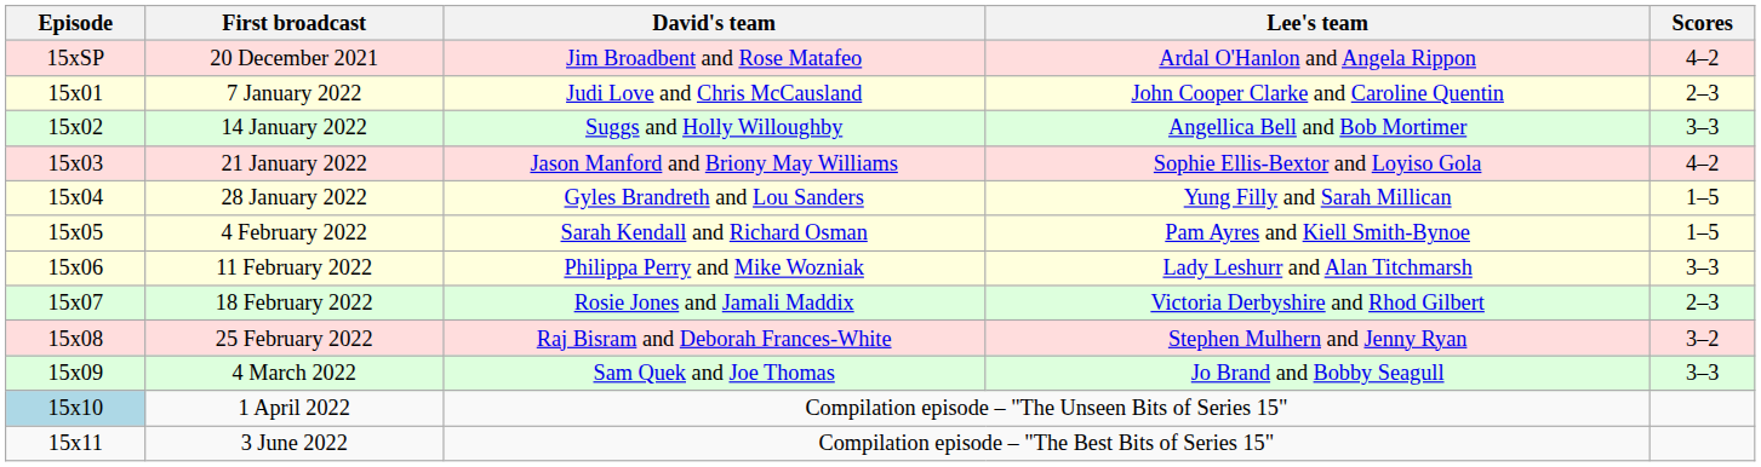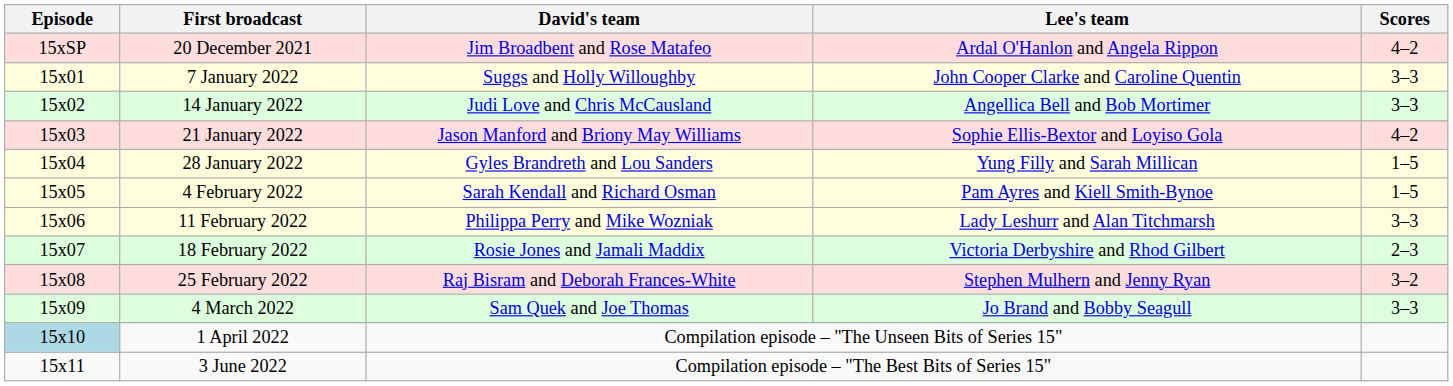 <table class="wikitable"  style="width:80%; left:0 auto; text-align:center;">
 <tr>
 <th style="width:8%;">Episode</th>
 <th style="width:17%;">First broadcast</th>
 <th style="width:31%;">David's team</th>
 <th style="width:38%;">Lee's team</th>
 <th style="width:6%;">Scores</th>
 </tr>
 <tr style="background:#fdd;">
 <td>15xSP</td>
 <td>20 December 2021</td>
 <td><a href='#'>Jim Broadbent</a> and <a href='#'>Rose Matafeo</a></td>
 <td><a href='#'>Ardal O'Hanlon</a> and <a href='#'>Angela Rippon</a></td>
 <td>4–2</td>
 </tr>
 <tr style="background:#ffd;">
 <td>15x01</td>
 <td>7 January 2022</td>
-<td><a href='#'>Judi Love</a> and <a href='#'>Chris McCausland</a></td>
+<td><a href='#'>Suggs</a> and <a href='#'>Holly Willoughby</a></td>
 <td><a href='#'>John Cooper Clarke</a> and <a href='#'>Caroline Quentin</a></td>
-<td>2–3</td>
+<td>3–3</td>
 </tr>
 <tr style="background:#dfd;">
 <td>15x02</td>
 <td>14 January 2022</td>
-<td><a href='#'>Suggs</a> and <a href='#'>Holly Willoughby</a></td>
+<td><a href='#'>Judi Love</a> and <a href='#'>Chris McCausland</a></td>
 <td><a href='#'>Angellica Bell</a> and <a href='#'>Bob Mortimer</a></td>
 <td>3–3</td>
 </tr>
 <tr style="background:#fdd;">
 <td>15x03</td>
 <td>21 January 2022</td>
 <td><a href='#'>Jason Manford</a> and <a href='#'>Briony May Williams</a></td>
 <td><a href='#'>Sophie Ellis-Bextor</a> and <a href='#'>Loyiso Gola</a></td>
 <td>4–2</td>
 </tr>
 <tr style="background:#ffd;">
 <td>15x04</td>
 <td>28 January 2022</td>
 <td><a href='#'>Gyles Brandreth</a> and <a href='#'>Lou Sanders</a></td>
 <td><a href='#'>Yung Filly</a> and <a href='#'>Sarah Millican</a></td>
 <td>1–5</td>
 </tr>
 <tr style="background:#ffd;">
 <td>15x05</td>
 <td>4 February 2022</td>
 <td><a href='#'>Sarah Kendall</a> and <a href='#'>Richard Osman</a></td>
 <td><a href='#'>Pam Ayres</a> and <a href='#'>Kiell Smith-Bynoe</a></td>
 <td>1–5</td>
 </tr>
 <tr style="background:#ffd;">
 <td>15x06</td>
 <td>11 February 2022</td>
 <td><a href='#'>Philippa Perry</a> and <a href='#'>Mike Wozniak</a></td>
 <td><a href='#'>Lady Leshurr</a> and <a href='#'>Alan Titchmarsh</a></td>
 <td>3–3</td>
 </tr>
 <tr style="background:#dfd;">
 <td>15x07</td>
 <td>18 February 2022</td>
 <td><a href='#'>Rosie Jones</a> and <a href='#'>Jamali Maddix</a></td>
 <td><a href='#'>Victoria Derbyshire</a> and <a href='#'>Rhod Gilbert</a></td>
 <td>2–3</td>
 </tr>
 <tr style="background:#fdd;">
 <td>15x08</td>
 <td>25 February 2022</td>
 <td><a href='#'>Raj Bisram</a> and <a href='#'>Deborah Frances-White</a></td>
 <td><a href='#'>Stephen Mulhern</a> and <a href='#'>Jenny Ryan</a></td>
 <td>3–2</td>
 </tr>
 <tr style="background:#dfd;">
 <td>15x09</td>
 <td>4 March 2022</td>
 <td><a href='#'>Sam Quek</a> and <a href='#'>Joe Thomas</a></td>
 <td><a href='#'>Jo Brand</a> and <a href='#'>Bobby Seagull</a></td>
 <td>3–3</td>
 </tr>
 <tr>
 <td style="background: lightblue;">15x10</td>
 <td>1 April 2022</td>
 <td colspan="2">Compilation episode – "The Unseen Bits of Series 15"</td>
 <td></td>
 </tr>
 <tr>
 <td>15x11</td>
 <td>3 June 2022</td>
 <td colspan="2">Compilation episode – "The Best Bits of Series 15"</td>
 <td></td>
 </tr>
 </table>
